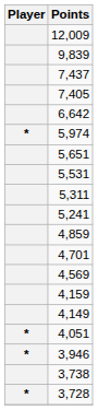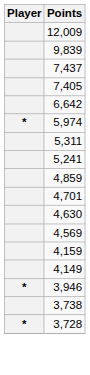 <table class="wikitable sortable">
 <tr>
 <th scope="col">Player</th>
 <th scope="col">Points</th>
 </tr>
 <tr>
 <th scope="row"></th>
 <td style="text-align:right">12,009</td>
 </tr>
 <tr>
 <th scope="row"></th>
 <td style="text-align:right">9,839</td>
 </tr>
 <tr>
 <th scope="row"></th>
 <td style="text-align:right">7,437</td>
 </tr>
 <tr>
 <th scope="row"></th>
 <td style="text-align:right">7,405</td>
 </tr>
 <tr>
 <th scope="row"><em></em></th>
 <td style="text-align:right">6,642</td>
 </tr>
 <tr>
 <th scope="row">*</th>
 <td style="text-align:right">5,974</td>
 </tr>
 <tr>
 <th scope="row"></th>
-<td style="text-align:right">5,651</td>
-</tr>
-<tr>
-<th scope="row"></th>
-<td style="text-align:right">5,531</td>
-</tr>
-<tr>
-<th scope="row"></th>
 <td style="text-align:right">5,311</td>
 </tr>
 <tr>
 <th scope="row"></th>
 <td style="text-align:right">5,241</td>
 </tr>
 <tr>
 <th scope="row"><em></em></th>
 <td style="text-align:right">4,859</td>
 </tr>
 <tr>
 <th scope="row"></th>
 <td style="text-align:right">4,701</td>
 </tr>
 <tr>
 <th scope="row"></th>
+<td style="text-align:right">4,630</td>
+</tr>
+<tr>
+<th scope="row"></th>
 <td style="text-align:right">4,569</td>
 </tr>
 <tr>
 <th scope="row"></th>
 <td style="text-align:right">4,159</td>
 </tr>
 <tr>
 <th scope="row"></th>
 <td style="text-align:right">4,149</td>
-</tr>
-<tr>
-<th scope="row">*</th>
-<td style="text-align:right">4,051</td>
 </tr>
 <tr>
 <th scope="row">*</th>
 <td style="text-align:right">3,946</td>
 </tr>
 <tr>
 <th scope="row"></th>
 <td style="text-align:right">3,738</td>
 </tr>
 <tr>
 <th scope="row">*</th>
 <td style="text-align:right">3,728</td>
 </tr>
 <tr>
 </tr>
 </table>
